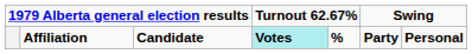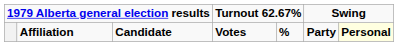 <table class="wikitable">
 <tr>
 <td colspan="3" align=center><strong><a href='#'>1979 Alberta general election</a> results</strong></td>
 <td colspan="2"><strong>Turnout 62.67%</strong></td>
 <td colspan="2" align=center><strong>Swing</strong></td>
 </tr>
 <tr>
 <th style="width: 10px;"></th>
 <td><strong>Affiliation</strong></td>
 <td><strong>Candidate</strong></td>
-<td style="background: paleturquoise;"><strong>Votes</strong></td>
+<td><strong>Votes</strong></td>
 <td><strong>%</strong></td>
 <td><strong>Party</strong></td>
-<td><strong>Personal</strong><br>      </td>
+<td style="background: lightyellow;"><strong>Personal</strong><br>      </td>
 </tr>
 </table>
